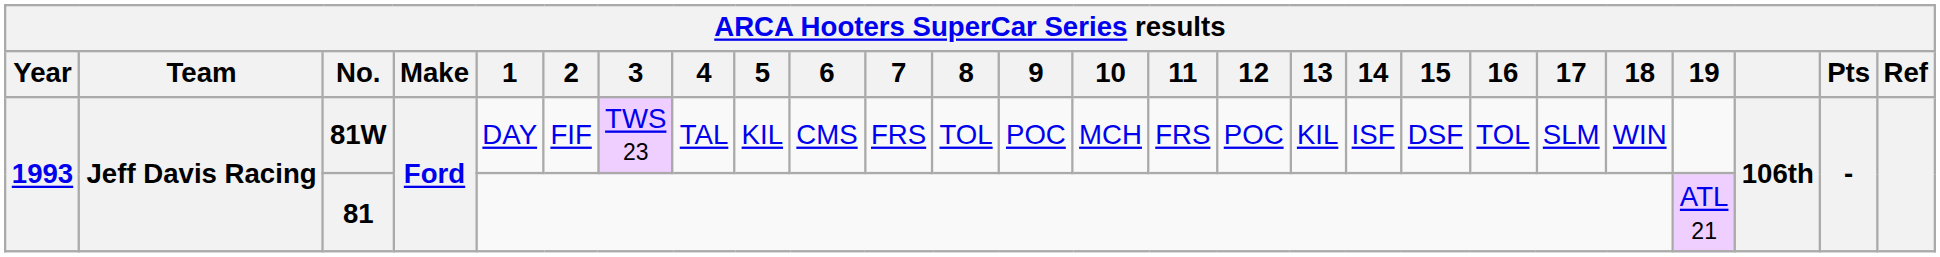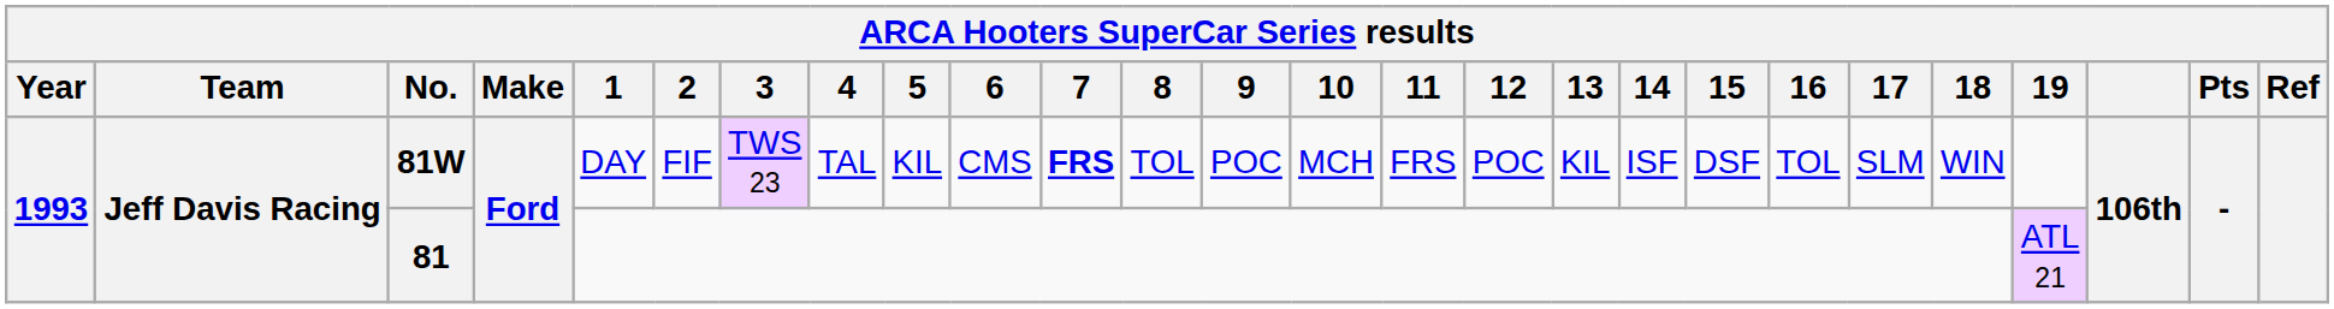 <table class="wikitable" style="text-align:center; font-size:75%">
 <tr>
 <th colspan=45><a href='#'>ARCA Hooters SuperCar Series</a> results</th>
 </tr>
 <tr>
 <th>Year</th>
 <th>Team</th>
 <th>No.</th>
 <th>Make</th>
 <th>1</th>
 <th>2</th>
 <th>3</th>
 <th>4</th>
 <th>5</th>
 <th>6</th>
 <th>7</th>
 <th>8</th>
 <th>9</th>
 <th>10</th>
 <th>11</th>
 <th>12</th>
 <th>13</th>
 <th>14</th>
 <th>15</th>
 <th>16</th>
 <th>17</th>
 <th>18</th>
 <th>19</th>
 <th></th>
 <th>Pts</th>
 <th>Ref</th>
 </tr>
 <tr>
 <th rowspan=2><a href='#'>1993</a></th>
 <th rowspan=2>Jeff Davis Racing</th>
 <th>81W</th>
 <th rowspan=2><a href='#'>Ford</a></th>
 <td><a href='#'>DAY</a></td>
 <td><a href='#'>FIF</a></td>
 <td style="background:#EFCFFF;"><a href='#'>TWS</a><br><small>23</small></td>
 <td><a href='#'>TAL</a></td>
 <td><a href='#'>KIL</a></td>
 <td><a href='#'>CMS</a></td>
-<td><a href='#'>FRS</a></td>
+<td><strong><a href='#'>FRS</a></strong></td>
 <td><a href='#'>TOL</a></td>
 <td><a href='#'>POC</a></td>
 <td><a href='#'>MCH</a></td>
 <td><a href='#'>FRS</a></td>
 <td><a href='#'>POC</a></td>
 <td><a href='#'>KIL</a></td>
 <td><a href='#'>ISF</a></td>
 <td><a href='#'>DSF</a></td>
 <td><a href='#'>TOL</a></td>
 <td><a href='#'>SLM</a></td>
 <td><a href='#'>WIN</a></td>
 <td></td>
 <th rowspan=2>106th</th>
 <th rowspan=2>-</th>
 <th rowspan=2></th>
 </tr>
 <tr>
 <th>81</th>
 <td colspan=18></td>
 <td style="background:#EFCFFF;"><a href='#'>ATL</a><br><small>21</small></td>
 </tr>
 </table>
